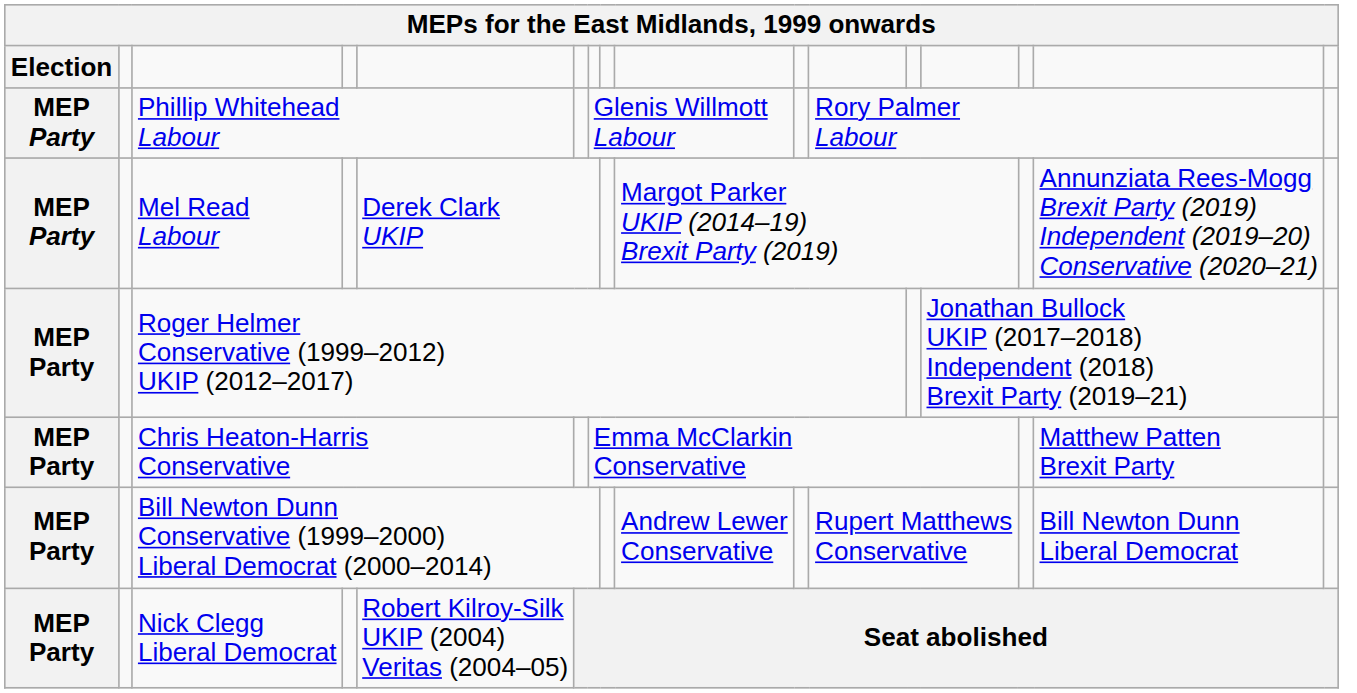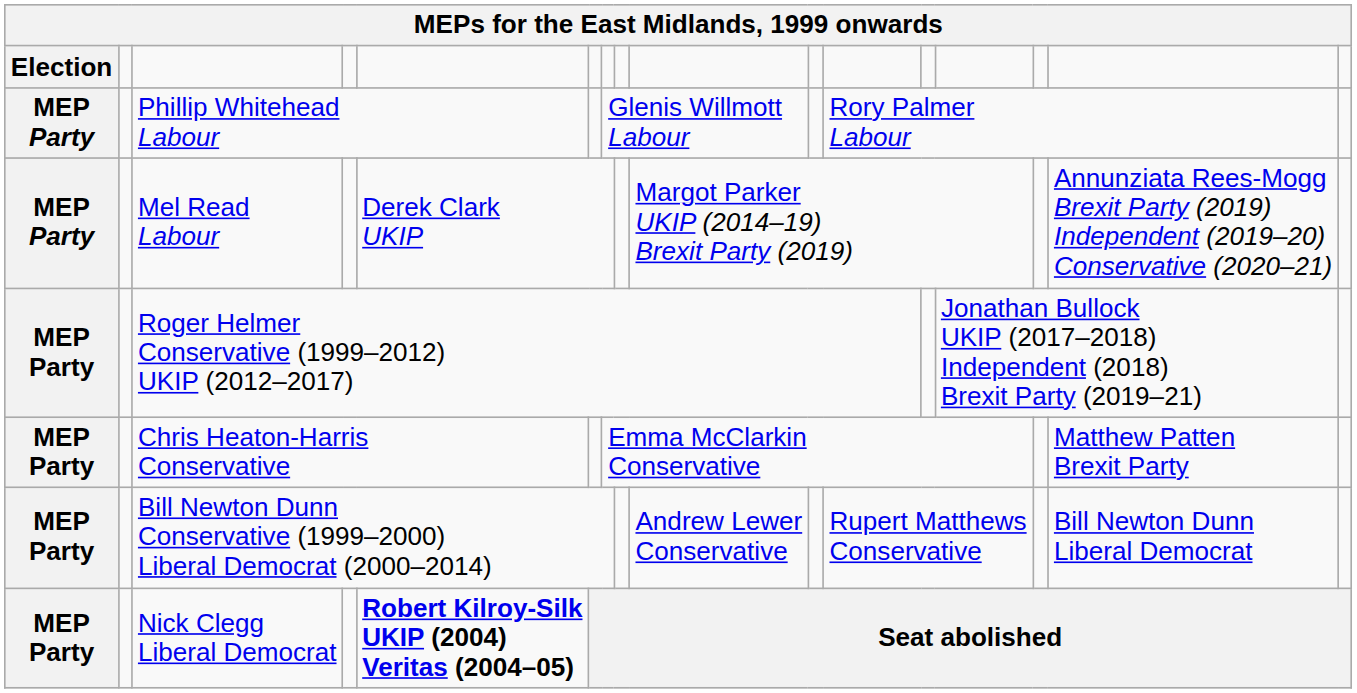 <table class="wikitable">
 <tr>
 <th colspan = 17>MEPs for the East Midlands, 1999 onwards</th>
 </tr>
 <tr>
 <th>Election</th>
 <td style="width:1px;"></td>
 <td></td>
 <td style="width:1px;"></td>
 <td></td>
 <td style="width:1px;"></td>
 <td></td>
 <td style="width:1px;"></td>
 <td></td>
 <td style="width:1px;"></td>
 <td colspan = 1></td>
 <td style="width:1px;"></td>
 <td colspan = 1></td>
 <td style="width:1px;"></td>
 <td></td>
 <td style="width:1px;"></td>
 </tr>
 <tr>
 <th>MEP<br><em>Party</em></th>
 <td width=1px style="background-color: "></td>
 <td colspan = 3><a href='#'>Phillip Whitehead</a><br><em><a href='#'>Labour</a></em></td>
 <td width=1px style="background-color: "></td>
 <td colspan = 3><a href='#'>Glenis Willmott</a><br><em><a href='#'>Labour</a></em></td>
 <td width=2px style="background-color: "></td>
 <td colspan = 5><a href='#'>Rory Palmer</a><em><br><a href='#'>Labour</a></em></td>
 <td width=1px style="background-color: "></td>
 </tr>
 <tr>
 <th>MEP<br><em>Party</em></th>
 <td width=1px style="background-color: "></td>
 <td><a href='#'>Mel Read</a><br><em><a href='#'>Labour</a></em></td>
 <td width=1px style="background-color: "></td>
 <td colspan = 3><a href='#'>Derek Clark</a><br><em><a href='#'>UKIP</a></em></td>
 <td width=2px style="background-color: "></td>
 <td colspan = 5><a href='#'>Margot Parker</a><br><em><a href='#'>UKIP</a>  (2014–19)<br><a href='#'>Brexit Party</a> (2019)</em></td>
 <td width=2px style="background-color: "></td>
 <td><a href='#'>Annunziata Rees-Mogg</a><br><em><a href='#'>Brexit Party</a> (2019)<br><a href='#'>Independent</a> (2019–20)<br> <a href='#'>Conservative</a> (2020–21)</td>
 <td width=1px style="background-color: "></td>
 </tr>
 <tr>
 <th>MEP<br></em>Party<em></th>
 <td width=1px style="background-color: "></td>
 <td colspan = 9><a href='#'>Roger Helmer</a><br></em><a href='#'>Conservative</a> (1999–2012)<br><a href='#'>UKIP</a> (2012–2017)<em></td>
 <td width=1px style="background-color: "></td>
 <td colspan = 3><a href='#'>Jonathan Bullock</a><br></em><a href='#'>UKIP</a> (2017–2018) <br> <a href='#'>Independent</a> (2018) <br> <a href='#'>Brexit Party</a> (2019–21)<em></td>
 <td width=1px style="background-color: "></td>
 </tr>
 <tr>
 <th>MEP<br></em>Party<em></th>
 <td width=1px style="background-color: "></td>
 <td colspan = 3><a href='#'>Chris Heaton-Harris</a><br></em><a href='#'>Conservative</a><em></td>
 <td width=1px style="background-color: "></td>
 <td colspan = 7><a href='#'>Emma McClarkin</a><br></em><a href='#'>Conservative</a><em></td>
 <td width=1px style="background-color: "></td>
 <td></em><a href='#'>Matthew Patten</a><br><a href='#'>Brexit Party</a><em></td>
 <td width=1px style="background-color: "></td>
 </tr>
 <tr>
 <th>MEP<br></em>Party<em></th>
 <td width=1px height=25px style="background-color: "></td>
 <td colspan = 5><a href='#'>Bill Newton Dunn</a><br></em><a href='#'>Conservative</a> (1999–2000)<em><br></em><a href='#'>Liberal Democrat</a> (2000–2014)<em></td>
 <td width=1px style="background-color: "></td>
 <td><a href='#'>Andrew Lewer</a><br></em><a href='#'>Conservative</a><em></td>
 <td width=1px style="background-color: "></td>
 <td colspan = 3><a href='#'>Rupert Matthews</a><br></em><a href='#'>Conservative</a><em></td>
 <td width=1px style="background-color: "></td>
 <td><a href='#'>Bill Newton Dunn</a><br></em><a href='#'>Liberal Democrat</a><em></td>
 <td width=1px style="background-color: "></td>
 </tr>
 <tr>
 <th>MEP<br></em>Party<em></th>
 <td width=1px style="background-color: "></td>
 <td><a href='#'>Nick Clegg</a><br></em><a href='#'>Liberal Democrat</a><em></td>
 <td width=1px style="background-color: "></td>
-<td><a href='#'>Robert Kilroy-Silk</a><br></em><a href='#'>UKIP</a> (2004)<br><a href='#'>Veritas</a> (2004–05)<br><em></td>
+<td><strong><a href='#'>Robert Kilroy-Silk</a><br></em><a href='#'>UKIP</a> (2004)<br><a href='#'>Veritas</a> (2004–05)<br><em></strong></td>
 <th colspan = 11>Seat abolished</th>
 </tr>
 </table>
